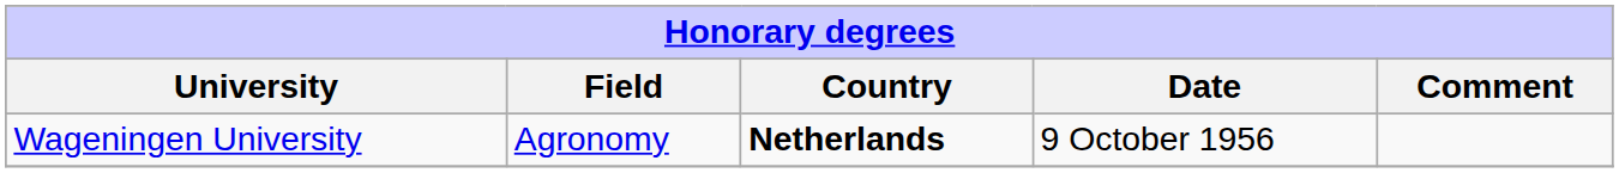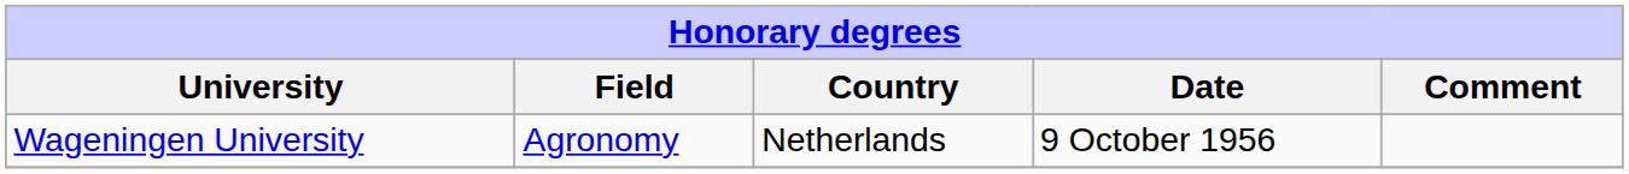 <table class="wikitable" style="width:60%;">
 <tr style="background:#ccf; text-align:center;">
 <td colspan=5><strong><a href='#'>Honorary degrees</a></strong></td>
 </tr>
 <tr>
 <th>University</th>
 <th>Field</th>
 <th>Country</th>
 <th>Date</th>
 <th>Comment</th>
 </tr>
 <tr>
 <td><a href='#'>Wageningen University</a></td>
 <td><a href='#'>Agronomy</a></td>
-<td><strong>Netherlands</strong></td>
+<td>Netherlands</td>
 <td>9 October 1956</td>
 <td></td>
 </tr>
 <tr>
 </tr>
 </table>
